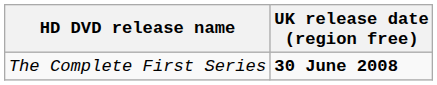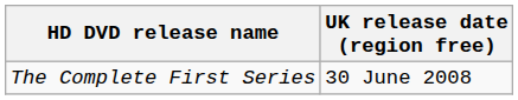 <table class="wikitable">
 <tr>
 <th>HD DVD release name</th>
 <th>UK release date<br>(region free)</th>
 </tr>
 <tr>
 <td><em>The Complete First Series</em></td>
-<td><strong>30 June 2008</strong></td>
+<td>30 June 2008</td>
 </tr>
 </table>
